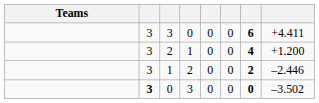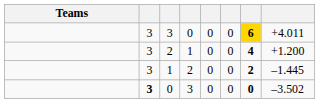 <table class="wikitable" style="text-align:center">
 <tr>
 <th style="width:175px;">Teams</th>
 <th style="width:20px;"></th>
 <th style="width:20px;"></th>
 <th style="width:20px;"></th>
 <th style="width:20px;"></th>
 <th style="width:20px;"></th>
 <th style="width:20px;"></th>
 <th style="width:65px;"></th>
 </tr>
 <tr>
 <td style="text-align:left"></td>
 <td>3</td>
 <td>3</td>
 <td>0</td>
 <td>0</td>
 <td>0</td>
-<td><strong>6</strong></td>
-<td>+4.411</td>
+<td style="background: gold;"><strong>6</strong></td>
+<td>+4.011</td>
 </tr>
 <tr>
 <td style="text-align:left"></td>
 <td>3</td>
 <td>2</td>
 <td>1</td>
 <td>0</td>
 <td>0</td>
 <td><strong>4</strong></td>
 <td>+1.200</td>
 </tr>
 <tr>
 <td style="text-align:left"></td>
 <td>3</td>
 <td>1</td>
 <td>2</td>
 <td>0</td>
 <td>0</td>
 <td><strong>2</strong></td>
-<td>–2.446</td>
+<td>–1.445</td>
 </tr>
 <tr>
 <td style="text-align:left"></td>
 <td><strong>3</strong></td>
 <td>0</td>
 <td>3</td>
 <td>0</td>
 <td>0</td>
 <td><strong>0</strong></td>
 <td>–3.502</td>
 </tr>
 </table>
